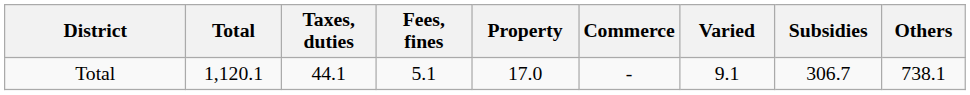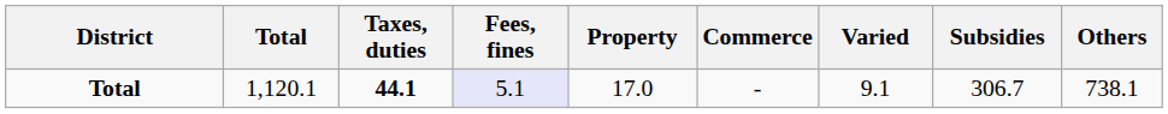 <table class="wikitable">
 <tr>
 <th style="width:140px;">District</th>
 <th style="width:70px;">Total</th>
 <th style="width:70px;">Taxes, duties</th>
 <th style="width:70px;">Fees, fines</th>
 <th style="width:80px;">Property</th>
 <th style="widht:80px;">Commerce</th>
 <th style="width:70px;">Varied</th>
 <th style="width:80px;">Subsidies</th>
 <th style="width:60px;">Others</th>
 </tr>
 <tr>
-<td style="text-align:center;">Total</td>
+<td style="text-align:center;"><strong>Total</strong></td>
 <td style="text-align:center;">1,120.1</td>
-<td style="text-align:center;">44.1</td>
-<td style="text-align:center;">5.1</td>
+<td style="text-align:center;"><strong>44.1</strong></td>
+<td style="background: lavender; text-align:center;">5.1</td>
 <td style="text-align:center;">17.0</td>
 <td style="text-align:center;">-</td>
 <td style="text-align:center;">9.1</td>
 <td style="text-align:center;">306.7</td>
 <td style="text-align:center;">738.1</td>
 </tr>
 </table>
